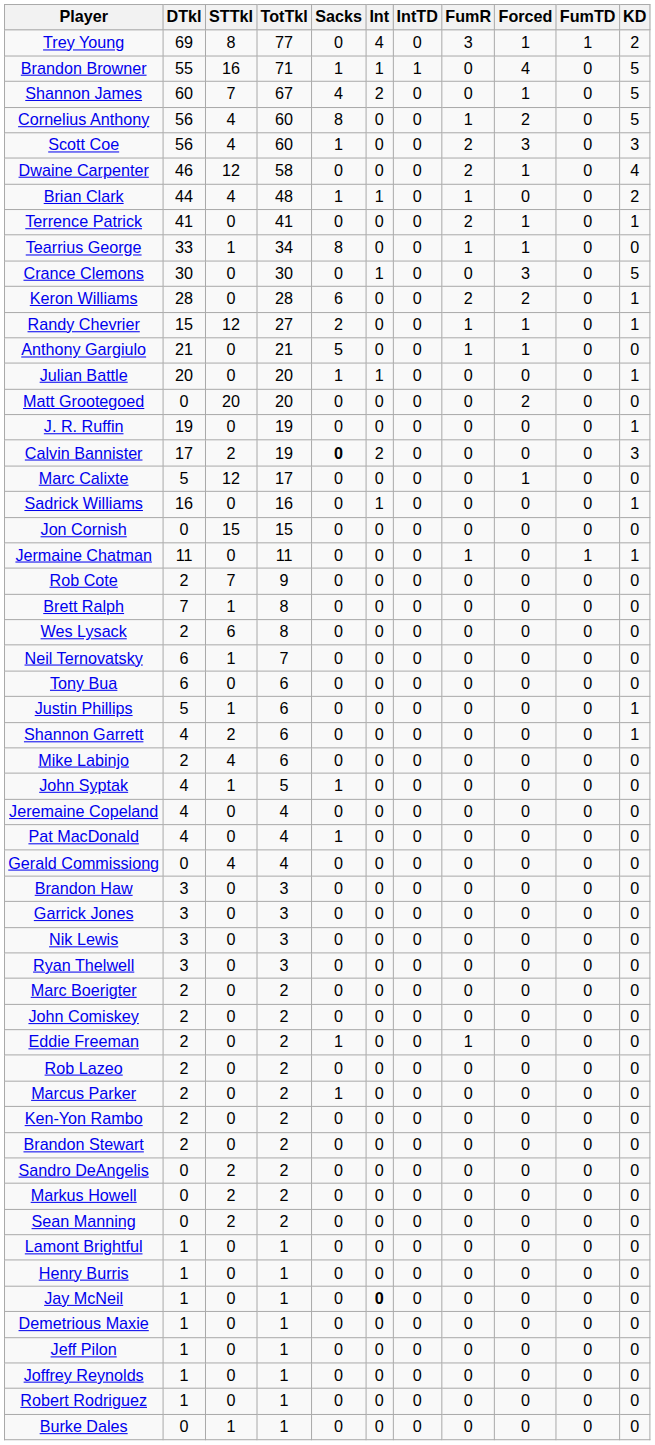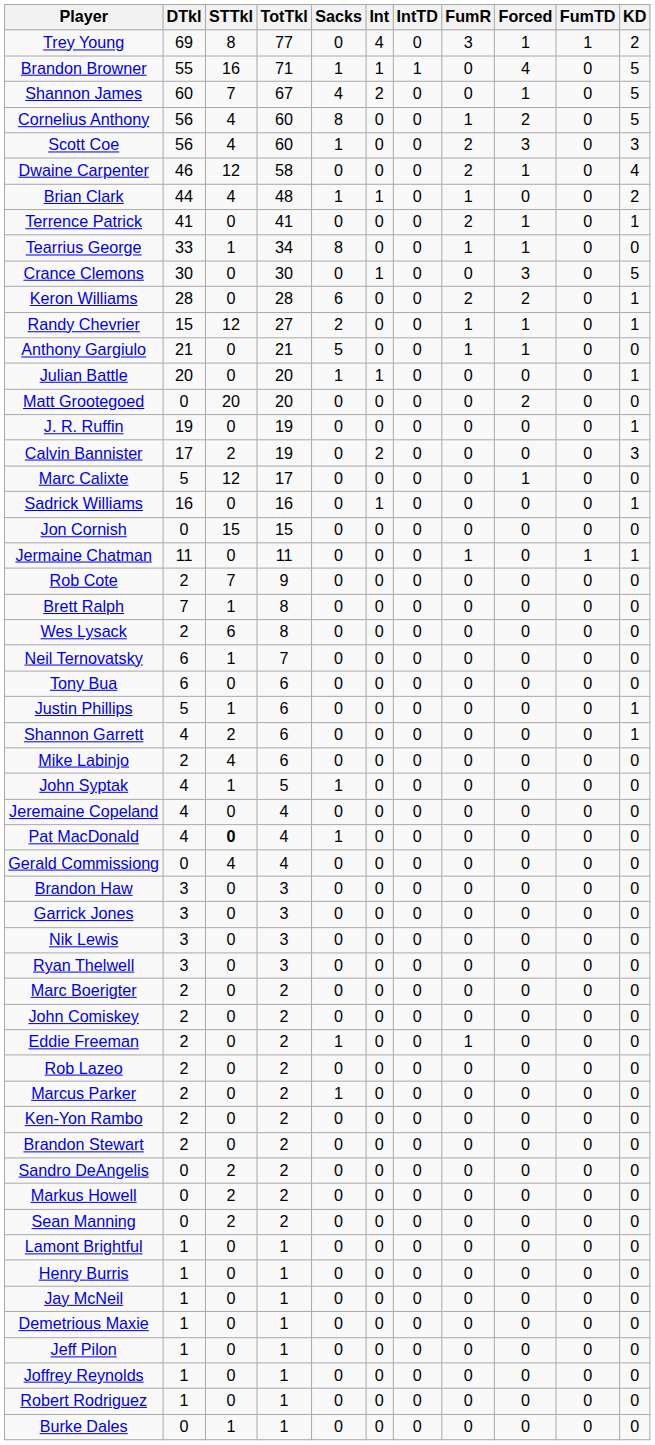 <table class="wikitable">
 <tr ALIGN="center" bgcolor="#c0c0c0">
 <th ALIGN="center">Player</th>
 <th ALIGN="center">DTkl</th>
 <th ALIGN="center">STTkl</th>
 <th ALIGN="center">TotTkl</th>
 <th ALIGN="center">Sacks</th>
 <th ALIGN="center">Int</th>
 <th ALIGN="center">IntTD</th>
 <th ALIGN="center">FumR</th>
 <th ALIGN="center">Forced</th>
 <th ALIGN="center">FumTD</th>
 <th ALIGN="center">KD</th>
 </tr>
 <tr align="center">
 <td><a href='#'>Trey Young</a></td>
 <td>69</td>
 <td>8</td>
 <td>77</td>
 <td>0</td>
 <td>4</td>
 <td>0</td>
 <td>3</td>
 <td>1</td>
 <td>1</td>
 <td>2</td>
 </tr>
 <tr align="center">
 <td><a href='#'>Brandon Browner</a></td>
 <td>55</td>
 <td>16</td>
 <td>71</td>
 <td>1</td>
 <td>1</td>
 <td>1</td>
 <td>0</td>
 <td>4</td>
 <td>0</td>
 <td>5</td>
 </tr>
 <tr align="center">
 <td><a href='#'>Shannon James</a></td>
 <td>60</td>
 <td>7</td>
 <td>67</td>
 <td>4</td>
 <td>2</td>
 <td>0</td>
 <td>0</td>
 <td>1</td>
 <td>0</td>
 <td>5</td>
 </tr>
 <tr align="center">
 <td><a href='#'>Cornelius Anthony</a></td>
 <td>56</td>
 <td>4</td>
 <td>60</td>
 <td>8</td>
 <td>0</td>
 <td>0</td>
 <td>1</td>
 <td>2</td>
 <td>0</td>
 <td>5</td>
 </tr>
 <tr align="center">
 <td><a href='#'>Scott Coe</a></td>
 <td>56</td>
 <td>4</td>
 <td>60</td>
 <td>1</td>
 <td>0</td>
 <td>0</td>
 <td>2</td>
 <td>3</td>
 <td>0</td>
 <td>3</td>
 </tr>
 <tr align="center">
 <td><a href='#'>Dwaine Carpenter</a></td>
 <td>46</td>
 <td>12</td>
 <td>58</td>
 <td>0</td>
 <td>0</td>
 <td>0</td>
 <td>2</td>
 <td>1</td>
 <td>0</td>
 <td>4</td>
 </tr>
 <tr align="center">
 <td><a href='#'>Brian Clark</a></td>
 <td>44</td>
 <td>4</td>
 <td>48</td>
 <td>1</td>
 <td>1</td>
 <td>0</td>
 <td>1</td>
 <td>0</td>
 <td>0</td>
 <td>2</td>
 </tr>
 <tr align="center">
 <td><a href='#'>Terrence Patrick</a></td>
 <td>41</td>
 <td>0</td>
 <td>41</td>
 <td>0</td>
 <td>0</td>
 <td>0</td>
 <td>2</td>
 <td>1</td>
 <td>0</td>
 <td>1</td>
 </tr>
 <tr align="center">
 <td><a href='#'>Tearrius George</a></td>
 <td>33</td>
 <td>1</td>
 <td>34</td>
 <td>8</td>
 <td>0</td>
 <td>0</td>
 <td>1</td>
 <td>1</td>
 <td>0</td>
 <td>0</td>
 </tr>
 <tr align="center">
 <td><a href='#'>Crance Clemons</a></td>
 <td>30</td>
 <td>0</td>
 <td>30</td>
 <td>0</td>
 <td>1</td>
 <td>0</td>
 <td>0</td>
 <td>3</td>
 <td>0</td>
 <td>5</td>
 </tr>
 <tr align="center">
 <td><a href='#'>Keron Williams</a></td>
 <td>28</td>
 <td>0</td>
 <td>28</td>
 <td>6</td>
 <td>0</td>
 <td>0</td>
 <td>2</td>
 <td>2</td>
 <td>0</td>
 <td>1</td>
 </tr>
 <tr align="center">
 <td><a href='#'>Randy Chevrier</a></td>
 <td>15</td>
 <td>12</td>
 <td>27</td>
 <td>2</td>
 <td>0</td>
 <td>0</td>
 <td>1</td>
 <td>1</td>
 <td>0</td>
 <td>1</td>
 </tr>
 <tr align="center">
 <td><a href='#'>Anthony Gargiulo</a></td>
 <td>21</td>
 <td>0</td>
 <td>21</td>
 <td>5</td>
 <td>0</td>
 <td>0</td>
 <td>1</td>
 <td>1</td>
 <td>0</td>
 <td>0</td>
 </tr>
 <tr align="center">
 <td><a href='#'>Julian Battle</a></td>
 <td>20</td>
 <td>0</td>
 <td>20</td>
 <td>1</td>
 <td>1</td>
 <td>0</td>
 <td>0</td>
 <td>0</td>
 <td>0</td>
 <td>1</td>
 </tr>
 <tr align="center">
 <td><a href='#'>Matt Grootegoed</a></td>
 <td>0</td>
 <td>20</td>
 <td>20</td>
 <td>0</td>
 <td>0</td>
 <td>0</td>
 <td>0</td>
 <td>2</td>
 <td>0</td>
 <td>0</td>
 </tr>
 <tr align="center">
 <td><a href='#'>J. R. Ruffin</a></td>
 <td>19</td>
 <td>0</td>
 <td>19</td>
 <td>0</td>
 <td>0</td>
 <td>0</td>
 <td>0</td>
 <td>0</td>
 <td>0</td>
 <td>1</td>
 </tr>
 <tr align="center">
 <td><a href='#'>Calvin Bannister</a></td>
 <td>17</td>
 <td>2</td>
 <td>19</td>
-<td><strong>0</strong></td>
+<td>0</td>
 <td>2</td>
 <td>0</td>
 <td>0</td>
 <td>0</td>
 <td>0</td>
 <td>3</td>
 </tr>
 <tr align="center">
 <td><a href='#'>Marc Calixte</a></td>
 <td>5</td>
 <td>12</td>
 <td>17</td>
 <td>0</td>
 <td>0</td>
 <td>0</td>
 <td>0</td>
 <td>1</td>
 <td>0</td>
 <td>0</td>
 </tr>
 <tr align="center">
 <td><a href='#'>Sadrick Williams</a></td>
 <td>16</td>
 <td>0</td>
 <td>16</td>
 <td>0</td>
 <td>1</td>
 <td>0</td>
 <td>0</td>
 <td>0</td>
 <td>0</td>
 <td>1</td>
 </tr>
 <tr align="center">
 <td><a href='#'>Jon Cornish</a></td>
 <td>0</td>
 <td>15</td>
 <td>15</td>
 <td>0</td>
 <td>0</td>
 <td>0</td>
 <td>0</td>
 <td>0</td>
 <td>0</td>
 <td>0</td>
 </tr>
 <tr align="center">
 <td><a href='#'>Jermaine Chatman</a></td>
 <td>11</td>
 <td>0</td>
 <td>11</td>
 <td>0</td>
 <td>0</td>
 <td>0</td>
 <td>1</td>
 <td>0</td>
 <td>1</td>
 <td>1</td>
 </tr>
 <tr align="center">
 <td><a href='#'>Rob Cote</a></td>
 <td>2</td>
 <td>7</td>
 <td>9</td>
 <td>0</td>
 <td>0</td>
 <td>0</td>
 <td>0</td>
 <td>0</td>
 <td>0</td>
 <td>0</td>
 </tr>
 <tr align="center">
 <td><a href='#'>Brett Ralph</a></td>
 <td>7</td>
 <td>1</td>
 <td>8</td>
 <td>0</td>
 <td>0</td>
 <td>0</td>
 <td>0</td>
 <td>0</td>
 <td>0</td>
 <td>0</td>
 </tr>
 <tr align="center">
 <td><a href='#'>Wes Lysack</a></td>
 <td>2</td>
 <td>6</td>
 <td>8</td>
 <td>0</td>
 <td>0</td>
 <td>0</td>
 <td>0</td>
 <td>0</td>
 <td>0</td>
 <td>0</td>
 </tr>
 <tr align="center">
 <td><a href='#'>Neil Ternovatsky</a></td>
 <td>6</td>
 <td>1</td>
 <td>7</td>
 <td>0</td>
 <td>0</td>
 <td>0</td>
 <td>0</td>
 <td>0</td>
 <td>0</td>
 <td>0</td>
 </tr>
 <tr align="center">
 <td><a href='#'>Tony Bua</a></td>
 <td>6</td>
 <td>0</td>
 <td>6</td>
 <td>0</td>
 <td>0</td>
 <td>0</td>
 <td>0</td>
 <td>0</td>
 <td>0</td>
 <td>0</td>
 </tr>
 <tr align="center">
 <td><a href='#'>Justin Phillips</a></td>
 <td>5</td>
 <td>1</td>
 <td>6</td>
 <td>0</td>
 <td>0</td>
 <td>0</td>
 <td>0</td>
 <td>0</td>
 <td>0</td>
 <td>1</td>
 </tr>
 <tr align="center">
 <td><a href='#'>Shannon Garrett</a></td>
 <td>4</td>
 <td>2</td>
 <td>6</td>
 <td>0</td>
 <td>0</td>
 <td>0</td>
 <td>0</td>
 <td>0</td>
 <td>0</td>
 <td>1</td>
 </tr>
 <tr align="center">
 <td><a href='#'>Mike Labinjo</a></td>
 <td>2</td>
 <td>4</td>
 <td>6</td>
 <td>0</td>
 <td>0</td>
 <td>0</td>
 <td>0</td>
 <td>0</td>
 <td>0</td>
 <td>0</td>
 </tr>
 <tr align="center">
 <td><a href='#'>John Syptak</a></td>
 <td>4</td>
 <td>1</td>
 <td>5</td>
 <td>1</td>
 <td>0</td>
 <td>0</td>
 <td>0</td>
 <td>0</td>
 <td>0</td>
 <td>0</td>
 </tr>
 <tr align="center">
 <td><a href='#'>Jeremaine Copeland</a></td>
 <td>4</td>
 <td>0</td>
 <td>4</td>
 <td>0</td>
 <td>0</td>
 <td>0</td>
 <td>0</td>
 <td>0</td>
 <td>0</td>
 <td>0</td>
 </tr>
 <tr align="center">
 <td><a href='#'>Pat MacDonald</a></td>
 <td>4</td>
-<td>0</td>
+<td><strong>0</strong></td>
 <td>4</td>
 <td>1</td>
 <td>0</td>
 <td>0</td>
 <td>0</td>
 <td>0</td>
 <td>0</td>
 <td>0</td>
 </tr>
 <tr align="center">
 <td><a href='#'>Gerald Commissiong</a></td>
 <td>0</td>
 <td>4</td>
 <td>4</td>
 <td>0</td>
 <td>0</td>
 <td>0</td>
 <td>0</td>
 <td>0</td>
 <td>0</td>
 <td>0</td>
 </tr>
 <tr align="center">
 <td><a href='#'>Brandon Haw</a></td>
 <td>3</td>
 <td>0</td>
 <td>3</td>
 <td>0</td>
 <td>0</td>
 <td>0</td>
 <td>0</td>
 <td>0</td>
 <td>0</td>
 <td>0</td>
 </tr>
 <tr align="center">
 <td><a href='#'>Garrick Jones</a></td>
 <td>3</td>
 <td>0</td>
 <td>3</td>
 <td>0</td>
 <td>0</td>
 <td>0</td>
 <td>0</td>
 <td>0</td>
 <td>0</td>
 <td>0</td>
 </tr>
 <tr align="center">
 <td><a href='#'>Nik Lewis</a></td>
 <td>3</td>
 <td>0</td>
 <td>3</td>
 <td>0</td>
 <td>0</td>
 <td>0</td>
 <td>0</td>
 <td>0</td>
 <td>0</td>
 <td>0</td>
 </tr>
 <tr align="center">
 <td><a href='#'>Ryan Thelwell</a></td>
 <td>3</td>
 <td>0</td>
 <td>3</td>
 <td>0</td>
 <td>0</td>
 <td>0</td>
 <td>0</td>
 <td>0</td>
 <td>0</td>
 <td>0</td>
 </tr>
 <tr align="center">
 <td><a href='#'>Marc Boerigter</a></td>
 <td>2</td>
 <td>0</td>
 <td>2</td>
 <td>0</td>
 <td>0</td>
 <td>0</td>
 <td>0</td>
 <td>0</td>
 <td>0</td>
 <td>0</td>
 </tr>
 <tr align="center">
 <td><a href='#'>John Comiskey</a></td>
 <td>2</td>
 <td>0</td>
 <td>2</td>
 <td>0</td>
 <td>0</td>
 <td>0</td>
 <td>0</td>
 <td>0</td>
 <td>0</td>
 <td>0</td>
 </tr>
 <tr align="center">
 <td><a href='#'>Eddie Freeman</a></td>
 <td>2</td>
 <td>0</td>
 <td>2</td>
 <td>1</td>
 <td>0</td>
 <td>0</td>
 <td>1</td>
 <td>0</td>
 <td>0</td>
 <td>0</td>
 </tr>
 <tr align="center">
 <td><a href='#'>Rob Lazeo</a></td>
 <td>2</td>
 <td>0</td>
 <td>2</td>
 <td>0</td>
 <td>0</td>
 <td>0</td>
 <td>0</td>
 <td>0</td>
 <td>0</td>
 <td>0</td>
 </tr>
 <tr align="center">
 <td><a href='#'>Marcus Parker</a></td>
 <td>2</td>
 <td>0</td>
 <td>2</td>
 <td>1</td>
 <td>0</td>
 <td>0</td>
 <td>0</td>
 <td>0</td>
 <td>0</td>
 <td>0</td>
 </tr>
 <tr align="center">
 <td><a href='#'>Ken-Yon Rambo</a></td>
 <td>2</td>
 <td>0</td>
 <td>2</td>
 <td>0</td>
 <td>0</td>
 <td>0</td>
 <td>0</td>
 <td>0</td>
 <td>0</td>
 <td>0</td>
 </tr>
 <tr align="center">
 <td><a href='#'>Brandon Stewart</a></td>
 <td>2</td>
 <td>0</td>
 <td>2</td>
 <td>0</td>
 <td>0</td>
 <td>0</td>
 <td>0</td>
 <td>0</td>
 <td>0</td>
 <td>0</td>
 </tr>
 <tr align="center">
 <td><a href='#'>Sandro DeAngelis</a></td>
 <td>0</td>
 <td>2</td>
 <td>2</td>
 <td>0</td>
 <td>0</td>
 <td>0</td>
 <td>0</td>
 <td>0</td>
 <td>0</td>
 <td>0</td>
 </tr>
 <tr align="center">
 <td><a href='#'>Markus Howell</a></td>
 <td>0</td>
 <td>2</td>
 <td>2</td>
 <td>0</td>
 <td>0</td>
 <td>0</td>
 <td>0</td>
 <td>0</td>
 <td>0</td>
 <td>0</td>
 </tr>
 <tr align="center">
 <td><a href='#'>Sean Manning</a></td>
 <td>0</td>
 <td>2</td>
 <td>2</td>
 <td>0</td>
 <td>0</td>
 <td>0</td>
 <td>0</td>
 <td>0</td>
 <td>0</td>
 <td>0</td>
 </tr>
 <tr align="center">
 <td><a href='#'>Lamont Brightful</a></td>
 <td>1</td>
 <td>0</td>
 <td>1</td>
 <td>0</td>
 <td>0</td>
 <td>0</td>
 <td>0</td>
 <td>0</td>
 <td>0</td>
 <td>0</td>
 </tr>
 <tr align="center">
 <td><a href='#'>Henry Burris</a></td>
 <td>1</td>
 <td>0</td>
 <td>1</td>
 <td>0</td>
 <td>0</td>
 <td>0</td>
 <td>0</td>
 <td>0</td>
 <td>0</td>
 <td>0</td>
 </tr>
 <tr align="center">
 <td><a href='#'>Jay McNeil</a></td>
 <td>1</td>
 <td>0</td>
 <td>1</td>
 <td>0</td>
-<td><strong>0</strong></td>
+<td>0</td>
 <td>0</td>
 <td>0</td>
 <td>0</td>
 <td>0</td>
 <td>0</td>
 </tr>
 <tr align="center">
 <td><a href='#'>Demetrious Maxie</a></td>
 <td>1</td>
 <td>0</td>
 <td>1</td>
 <td>0</td>
 <td>0</td>
 <td>0</td>
 <td>0</td>
 <td>0</td>
 <td>0</td>
 <td>0</td>
 </tr>
 <tr align="center">
 <td><a href='#'>Jeff Pilon</a></td>
 <td>1</td>
 <td>0</td>
 <td>1</td>
 <td>0</td>
 <td>0</td>
 <td>0</td>
 <td>0</td>
 <td>0</td>
 <td>0</td>
 <td>0</td>
 </tr>
 <tr align="center">
 <td><a href='#'>Joffrey Reynolds</a></td>
 <td>1</td>
 <td>0</td>
 <td>1</td>
 <td>0</td>
 <td>0</td>
 <td>0</td>
 <td>0</td>
 <td>0</td>
 <td>0</td>
 <td>0</td>
 </tr>
 <tr align="center">
 <td><a href='#'>Robert Rodriguez</a></td>
 <td>1</td>
 <td>0</td>
 <td>1</td>
 <td>0</td>
 <td>0</td>
 <td>0</td>
 <td>0</td>
 <td>0</td>
 <td>0</td>
 <td>0</td>
 </tr>
 <tr align="center">
 <td><a href='#'>Burke Dales</a></td>
 <td>0</td>
 <td>1</td>
 <td>1</td>
 <td>0</td>
 <td>0</td>
 <td>0</td>
 <td>0</td>
 <td>0</td>
 <td>0</td>
 <td>0</td>
 </tr>
 </table>
